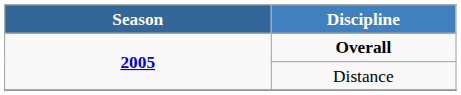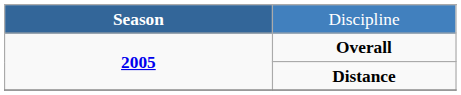 <table class="wikitable" style="font-size:95%; text-align:center; border:grey solid 1px; border-collapse:collapse;" width="20%">
 <tr style="background-color:#369; color:white;">
 <td rowspan="2" colspan="1" width="10%"><strong>Season</strong></td>
 </tr>
 <tr style="background-color:#4180be; color:white;">
-<td width="5%"><strong>Discipline</strong></td>
+<td width="5%">Discipline</td>
 </tr>
 <tr>
 <td rowspan=2><strong><a href='#'>2005</a></strong></td>
 <td><strong>Overall</strong></td>
 </tr>
 <tr>
-<td>Distance</td>
+<td><strong>Distance</strong></td>
 </tr>
 <tr>
 </tr>
 </table>
